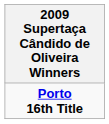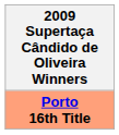 <table class="wikitable" style="text-align: center; margin: 0 auto; width: 20%">
 <tr>
 <th>2009 Supertaça Cândido de Oliveira Winners</th>
 </tr>
 <tr>
-<td><strong><a href='#'>Porto</a></strong><br><strong>16th Title</strong></td>
+<td style="background: lightsalmon;"><strong><a href='#'>Porto</a></strong><br><strong>16th Title</strong></td>
 </tr>
 </table>
